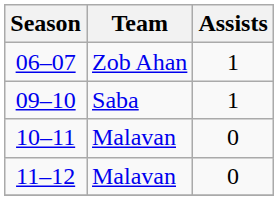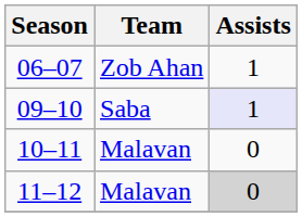 <table class="wikitable" style="text-align: center;">
 <tr>
 <th>Season</th>
 <th>Team</th>
 <th>Assists</th>
 </tr>
 <tr>
 <td><a href='#'>06–07</a></td>
 <td align="left"><a href='#'>Zob Ahan</a></td>
 <td>1</td>
 </tr>
 <tr>
 <td><a href='#'>09–10</a></td>
 <td align="left"><a href='#'>Saba</a></td>
-<td>1</td>
+<td style="background: lavender;">1</td>
 </tr>
 <tr>
 <td><a href='#'>10–11</a></td>
 <td align="left"><a href='#'>Malavan</a></td>
 <td>0</td>
 </tr>
 <tr>
 <td><a href='#'>11–12</a></td>
 <td align="left"><a href='#'>Malavan</a></td>
-<td>0</td>
+<td style="background: lightgrey;">0</td>
 </tr>
 <tr>
 </tr>
 </table>
